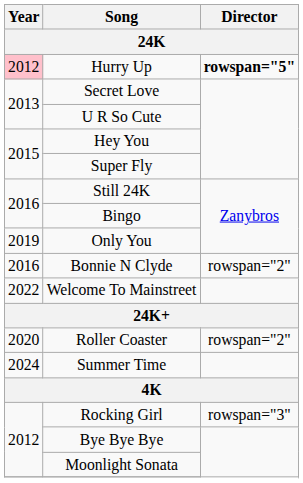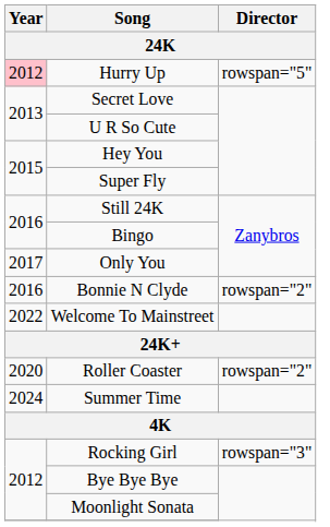 <table class="wikitable" style="text-align:center;">
 <tr>
 <th>Year</th>
 <th>Song</th>
 <th>Director</th>
 </tr>
 <tr>
 <th scope="col" colspan="3">24K</th>
 </tr>
 <tr>
 <td style="background: pink;">2012</td>
 <td>Hurry Up</td>
-<td><strong>rowspan="5" </strong></td>
+<td>rowspan="5" </td>
 </tr>
 <tr>
 <td rowspan="2">2013</td>
 <td>Secret Love</td>
 </tr>
 <tr>
 <td>U R So Cute</td>
 </tr>
 <tr>
 <td rowspan="2">2015</td>
 <td>Hey You</td>
 </tr>
 <tr>
 <td>Super Fly</td>
 </tr>
 <tr>
 <td rowspan="2">2016</td>
 <td>Still 24K</td>
 <td rowspan="3"><a href='#'>Zanybros</a></td>
 </tr>
 <tr>
 <td>Bingo</td>
 </tr>
 <tr>
-<td>2019</td>
+<td>2017</td>
 <td>Only You</td>
 </tr>
 <tr>
 <td rowspan="1">2016</td>
 <td>Bonnie N Clyde</td>
 <td>rowspan="2" </td>
 </tr>
 <tr>
 <td rowspan="1">2022</td>
 <td>Welcome To Mainstreet</td>
 </tr>
 <tr>
 <th scope="col" colspan="3">24K+</th>
 </tr>
 <tr>
 <td>2020</td>
 <td>Roller Coaster</td>
 <td>rowspan="2" </td>
 </tr>
 <tr>
 <td>2024</td>
 <td>Summer Time</td>
 </tr>
 <tr>
 <th scope="col" colspan="3">4K</th>
 </tr>
 <tr>
 <td rowspan="3">2012</td>
 <td>Rocking Girl</td>
 <td>rowspan="3" </td>
 </tr>
 <tr>
 <td>Bye Bye Bye</td>
 </tr>
 <tr>
 <td>Moonlight Sonata</td>
 </tr>
 <tr>
 </tr>
 </table>
